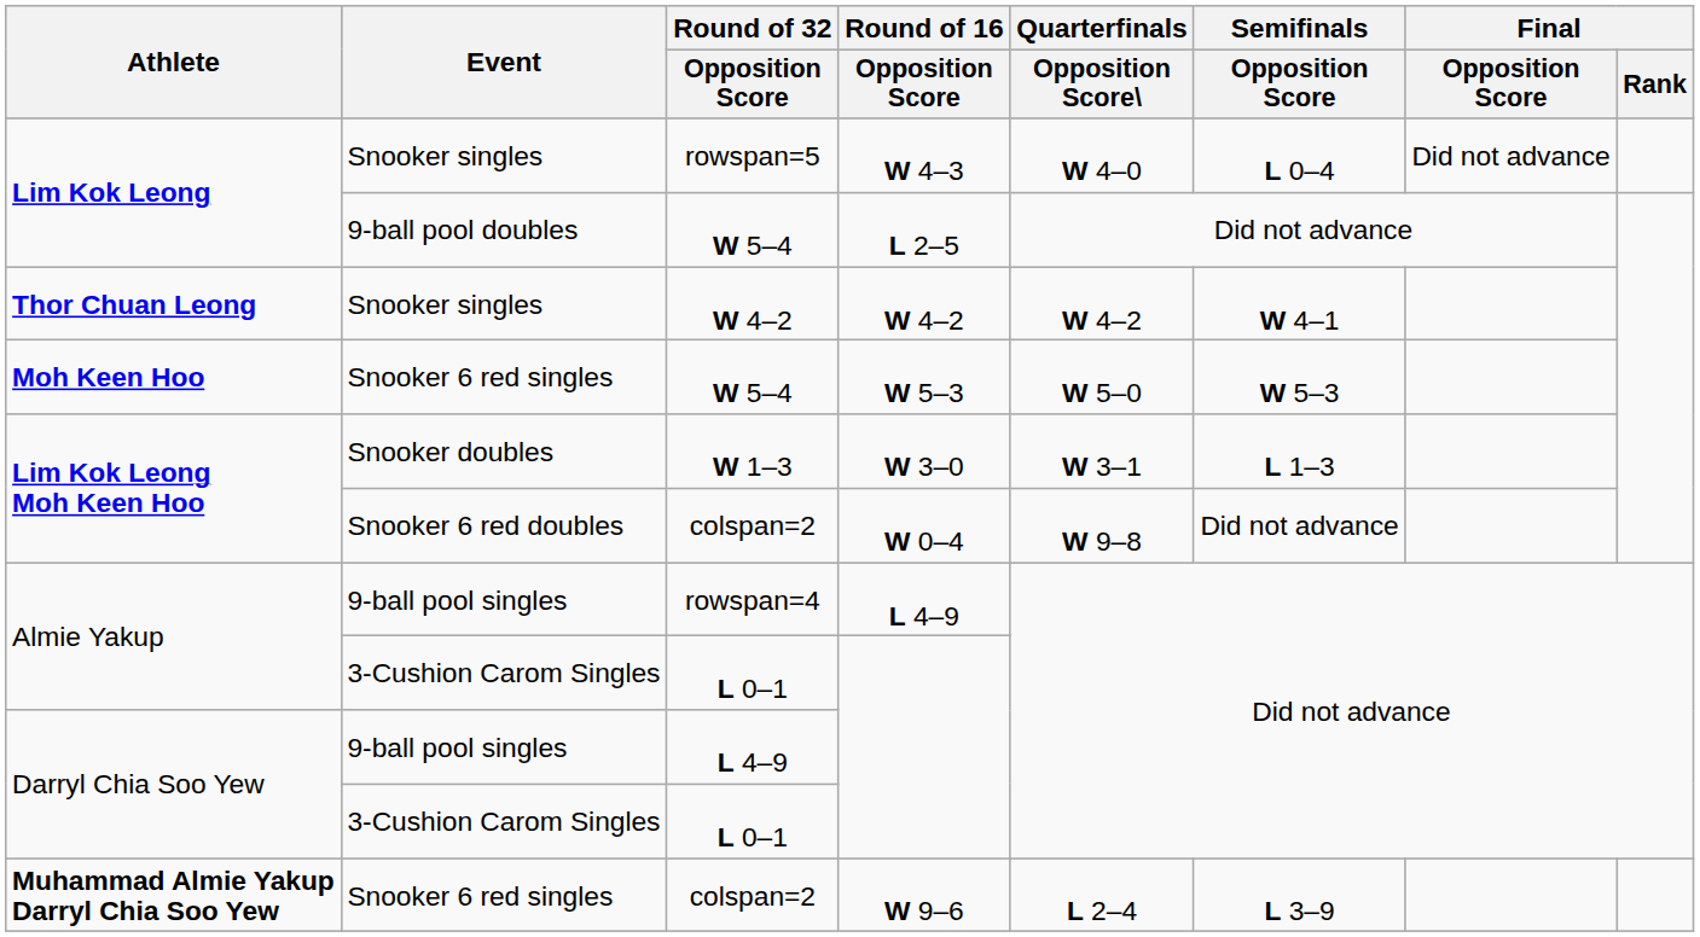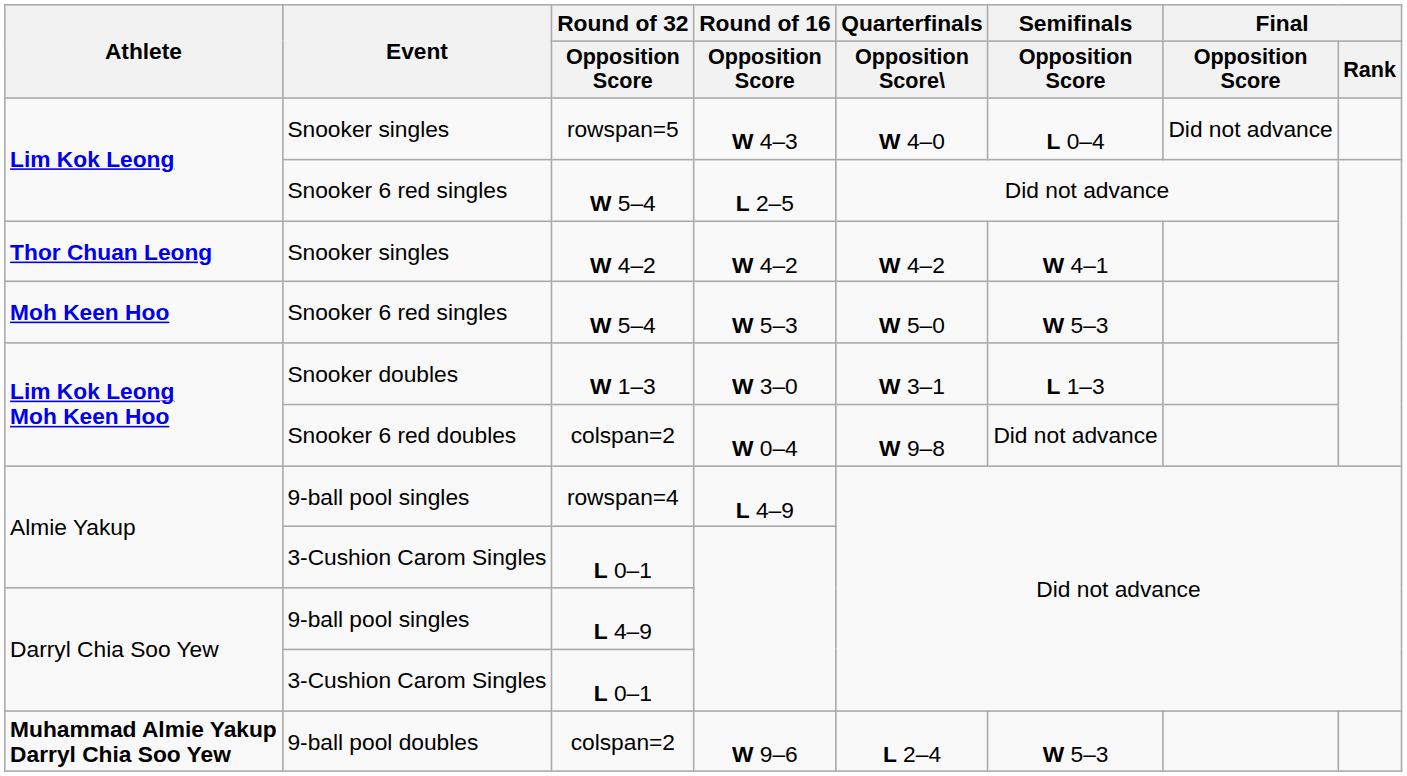 <table class="wikitable" style="font-size:90%">
 <tr>
 <th rowspan="2">Athlete</th>
 <th rowspan="2">Event</th>
 <th>Round of 32</th>
 <th>Round of 16</th>
 <th>Quarterfinals</th>
 <th>Semifinals</th>
 <th colspan="2">Final</th>
 </tr>
 <tr style="font-size:95%" align="center",>
 <th>Opposition<br>Score</th>
 <th>Opposition<br>Score</th>
 <th>Opposition<br>Score\</th>
 <th>Opposition<br>Score</th>
 <th>Opposition<br>Score</th>
 <th>Rank</th>
 </tr>
 <tr align="center">
 <td align="left" rowspan=2><strong><a href='#'>Lim Kok Leong</a></strong></td>
 <td align="left">Snooker singles</td>
 <td>rowspan=5 </td>
 <td><br><strong>W</strong> 4–3</td>
 <td><br><strong>W</strong> 4–0</td>
 <td><br><strong>L</strong> 0–4</td>
 <td>Did not advance</td>
 <td></td>
 </tr>
 <tr align="center">
-<td align="left">9-ball pool doubles</td>
+<td align="left">Snooker 6 red singles</td>
 <td><br><strong>W</strong> 5–4</td>
 <td><br><strong>L</strong> 2–5</td>
 <td colspan=3>Did not advance</td>
 </tr>
 <tr align="center">
 <td align="left"><strong><a href='#'>Thor Chuan Leong</a></strong></td>
 <td align="left">Snooker singles</td>
 <td><br><strong>W</strong> 4–2</td>
 <td><br><strong>W</strong> 4–2</td>
 <td><br><strong>W</strong> 4–2</td>
 <td><br><strong>W</strong> 4–1</td>
 <td></td>
 </tr>
 <tr align="center">
 <td align="left"><strong><a href='#'>Moh Keen Hoo</a></strong></td>
 <td align="left">Snooker 6 red singles</td>
 <td><br><strong>W</strong> 5–4</td>
 <td><br><strong>W</strong> 5–3</td>
 <td><br><strong>W</strong> 5–0</td>
 <td><br><strong>W</strong> 5–3</td>
 <td></td>
 </tr>
 <tr align="center">
 <td align="left" rowspan=2><strong><a href='#'>Lim Kok Leong</a><br><a href='#'>Moh Keen Hoo</a></strong></td>
 <td align="left">Snooker doubles</td>
 <td><br><strong>W</strong> 1–3</td>
 <td><br><strong>W</strong> 3–0</td>
 <td><br><strong>W</strong> 3–1</td>
 <td><br><strong>L</strong> 1–3</td>
 <td></td>
 </tr>
 <tr align="center">
 <td align="left">Snooker 6 red doubles</td>
 <td>colspan=2 </td>
 <td><br><strong>W</strong> 0–4</td>
 <td><br><strong>W</strong> 9–8</td>
 <td>Did not advance</td>
 <td></td>
 </tr>
 <tr align="center">
 <td align="left" rowspan=2>Almie Yakup</td>
 <td align="left">9-ball pool singles</td>
 <td>rowspan=4 </td>
 <td><br><strong>L</strong> 4–9</td>
 <td rowspan=4 colspan=4>Did not advance</td>
 </tr>
 <tr align="center">
 <td align="left">3-Cushion Carom Singles</td>
 <td><br><strong>L</strong> 0–1</td>
 </tr>
 <tr align="center">
 <td align="left" rowspan=2>Darryl Chia Soo Yew</td>
 <td align="left">9-ball pool singles</td>
 <td><br><strong>L</strong> 4–9</td>
 </tr>
 <tr align="center">
 <td align="left">3-Cushion Carom Singles</td>
 <td><br><strong>L</strong> 0–1</td>
 </tr>
 <tr align="center">
 <td align="left"><strong>Muhammad Almie Yakup<br>Darryl Chia Soo Yew</strong></td>
-<td align="left">Snooker 6 red singles</td>
+<td align="left">9-ball pool doubles</td>
 <td>colspan=2 </td>
 <td><br><strong>W</strong> 9–6</td>
 <td><br><strong>L</strong> 2–4</td>
-<td><br><strong>L</strong> 3–9</td>
+<td><br><strong>W</strong> 5–3</td>
 <td></td>
 </tr>
 </table>
